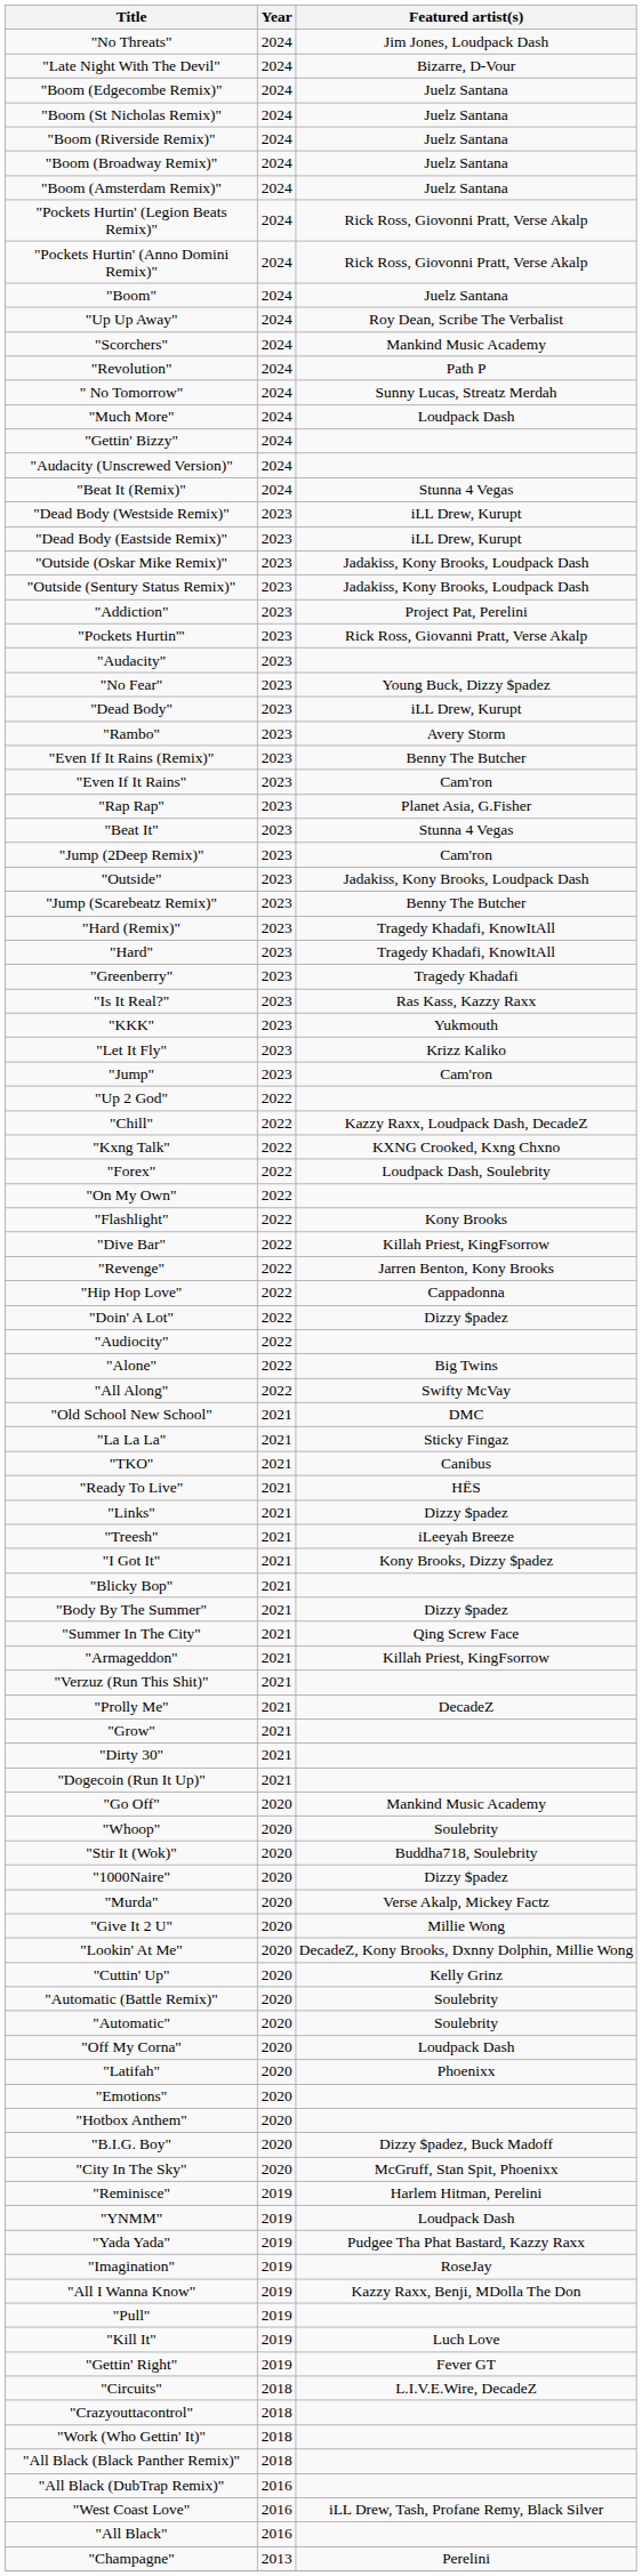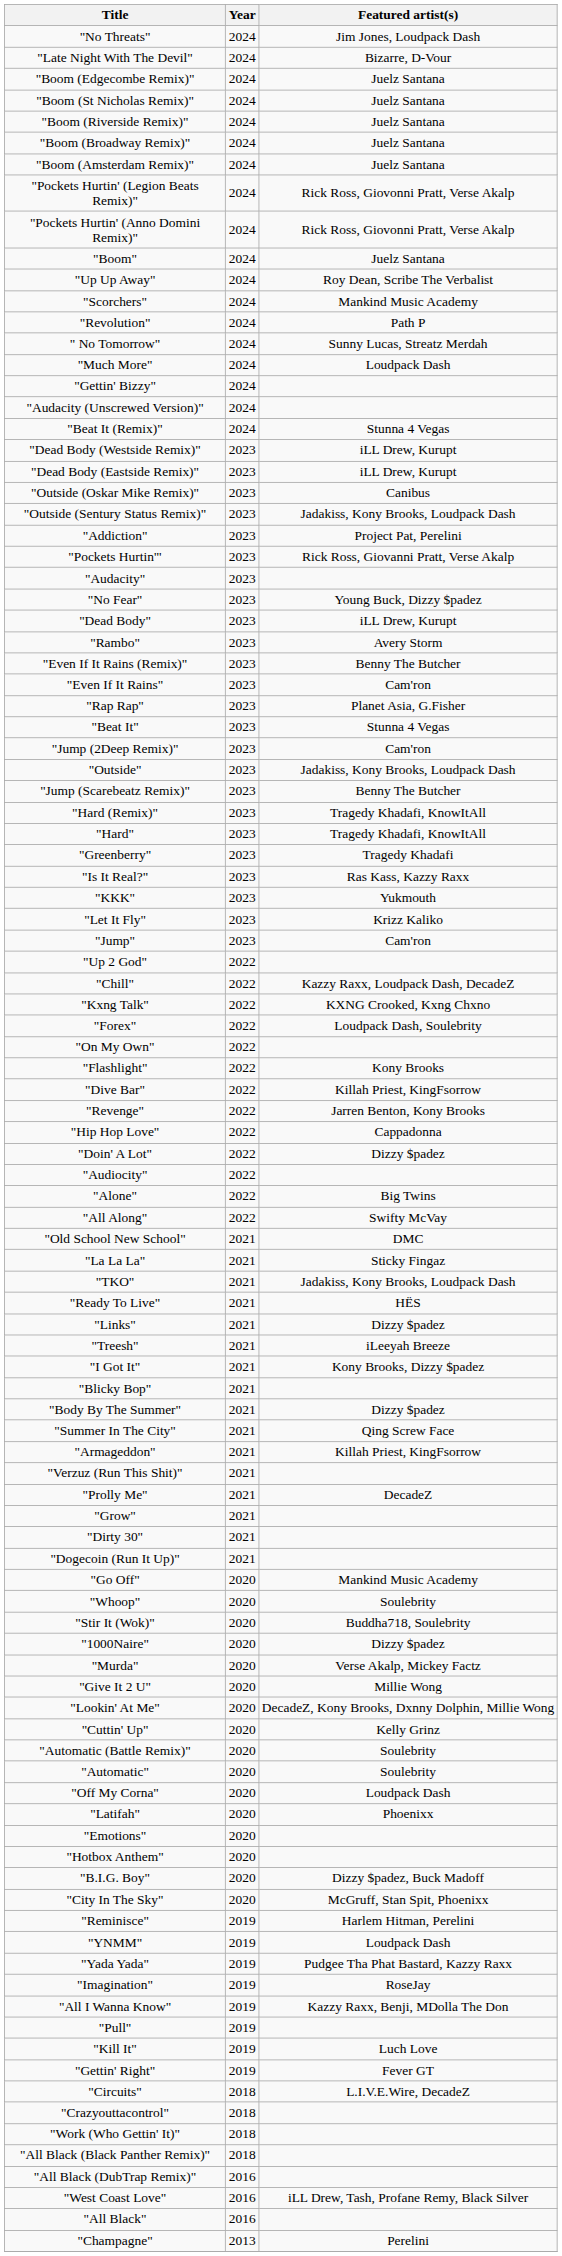 <table class="wikitable plainrowheaders" style="text-align:center;">
 <tr>
 <th scope="col" style="width:16em;">Title</th>
 <th scope="col">Year</th>
 <th scope="col">Featured artist(s)</th>
 </tr>
 <tr>
 <td>"No Threats"</td>
 <td>2024</td>
 <td>Jim Jones, Loudpack Dash</td>
 </tr>
 <tr>
 <td>"Late Night With The Devil"</td>
 <td>2024</td>
 <td>Bizarre, D-Vour</td>
 </tr>
 <tr>
 <td>"Boom (Edgecombe Remix)"</td>
 <td>2024</td>
 <td>Juelz Santana</td>
 </tr>
 <tr>
 <td>"Boom (St Nicholas Remix)"</td>
 <td>2024</td>
 <td>Juelz Santana</td>
 </tr>
 <tr>
 <td>"Boom (Riverside Remix)"</td>
 <td>2024</td>
 <td>Juelz Santana</td>
 </tr>
 <tr>
 <td>"Boom (Broadway Remix)"</td>
 <td>2024</td>
 <td>Juelz Santana</td>
 </tr>
 <tr>
 <td>"Boom (Amsterdam Remix)"</td>
 <td>2024</td>
 <td>Juelz Santana</td>
 </tr>
 <tr>
 <td>"Pockets Hurtin' (Legion Beats Remix)"</td>
 <td>2024</td>
 <td>Rick Ross, Giovonni Pratt, Verse Akalp</td>
 </tr>
 <tr>
 <td>"Pockets Hurtin' (Anno Domini Remix)"</td>
 <td>2024</td>
 <td>Rick Ross, Giovonni Pratt, Verse Akalp</td>
 </tr>
 <tr>
 <td>"Boom"</td>
 <td>2024</td>
 <td>Juelz Santana</td>
 </tr>
 <tr>
 <td>"Up Up Away"</td>
 <td>2024</td>
 <td>Roy Dean, Scribe The Verbalist</td>
 </tr>
 <tr>
 <td>"Scorchers"</td>
 <td>2024</td>
 <td>Mankind Music Academy</td>
 </tr>
 <tr>
 <td>"Revolution"</td>
 <td>2024</td>
 <td>Path P</td>
 </tr>
 <tr>
 <td>" No Tomorrow"</td>
 <td>2024</td>
 <td>Sunny Lucas, Streatz Merdah</td>
 </tr>
 <tr>
 <td>"Much More"</td>
 <td>2024</td>
 <td>Loudpack Dash</td>
 </tr>
 <tr>
 <td>"Gettin' Bizzy"</td>
 <td>2024</td>
 <td></td>
 </tr>
 <tr>
 <td>"Audacity (Unscrewed Version)"</td>
 <td>2024</td>
 <td></td>
 </tr>
 <tr>
 <td>"Beat It (Remix)"</td>
 <td>2024</td>
 <td>Stunna 4 Vegas</td>
 </tr>
 <tr>
 <td>"Dead Body (Westside Remix)"</td>
 <td>2023</td>
 <td>iLL Drew, Kurupt</td>
 </tr>
 <tr>
 <td>"Dead Body (Eastside Remix)"</td>
 <td>2023</td>
 <td>iLL Drew, Kurupt</td>
 </tr>
 <tr>
 <td>"Outside (Oskar Mike Remix)"</td>
 <td>2023</td>
-<td>Jadakiss, Kony Brooks, Loudpack Dash</td>
+<td>Canibus</td>
 </tr>
 <tr>
 <td>"Outside (Sentury Status Remix)"</td>
 <td>2023</td>
 <td>Jadakiss, Kony Brooks, Loudpack Dash</td>
 </tr>
 <tr>
 <td>"Addiction"</td>
 <td>2023</td>
 <td>Project Pat, Perelini</td>
 </tr>
 <tr>
 <td>"Pockets Hurtin'"</td>
 <td>2023</td>
 <td>Rick Ross, Giovanni Pratt, Verse Akalp</td>
 </tr>
 <tr>
 <td>"Audacity"</td>
 <td>2023</td>
 <td></td>
 </tr>
 <tr>
 <td>"No Fear"</td>
 <td>2023</td>
 <td>Young Buck, Dizzy $padez</td>
 </tr>
 <tr>
 <td>"Dead Body"</td>
 <td>2023</td>
 <td>iLL Drew, Kurupt</td>
 </tr>
 <tr>
 <td>"Rambo"</td>
 <td>2023</td>
 <td>Avery Storm</td>
 </tr>
 <tr>
 <td>"Even If It Rains (Remix)"</td>
 <td>2023</td>
 <td>Benny The Butcher</td>
 </tr>
 <tr>
 <td>"Even If It Rains"</td>
 <td>2023</td>
 <td>Cam'ron</td>
 </tr>
 <tr>
 <td>"Rap Rap"</td>
 <td>2023</td>
 <td>Planet Asia, G.Fisher</td>
 </tr>
 <tr>
 <td>"Beat It"</td>
 <td>2023</td>
 <td>Stunna 4 Vegas</td>
 </tr>
 <tr>
 <td>"Jump (2Deep Remix)"</td>
 <td>2023</td>
 <td>Cam'ron</td>
 </tr>
 <tr>
 <td>"Outside"</td>
 <td>2023</td>
 <td>Jadakiss, Kony Brooks, Loudpack Dash</td>
 </tr>
 <tr>
 <td>"Jump (Scarebeatz Remix)"</td>
 <td>2023</td>
 <td>Benny The Butcher</td>
 </tr>
 <tr>
 <td>"Hard (Remix)"</td>
 <td>2023</td>
 <td>Tragedy Khadafi, KnowItAll</td>
 </tr>
 <tr>
 <td>"Hard"</td>
 <td>2023</td>
 <td>Tragedy Khadafi, KnowItAll</td>
 </tr>
 <tr>
 <td>"Greenberry"</td>
 <td>2023</td>
 <td>Tragedy Khadafi</td>
 </tr>
 <tr>
 <td>"Is It Real?"</td>
 <td>2023</td>
 <td>Ras Kass, Kazzy Raxx</td>
 </tr>
 <tr>
 <td>"KKK"</td>
 <td>2023</td>
 <td>Yukmouth</td>
 </tr>
 <tr>
 <td>"Let It Fly"</td>
 <td>2023</td>
 <td>Krizz Kaliko</td>
 </tr>
 <tr>
 <td>"Jump"</td>
 <td>2023</td>
 <td>Cam'ron</td>
 </tr>
 <tr>
 <td>"Up 2 God"</td>
 <td>2022</td>
 <td></td>
 </tr>
 <tr>
 <td>"Chill"</td>
 <td>2022</td>
 <td>Kazzy Raxx, Loudpack Dash, DecadeZ</td>
 </tr>
 <tr>
 <td>"Kxng Talk"</td>
 <td>2022</td>
 <td>KXNG Crooked, Kxng Chxno</td>
 </tr>
 <tr>
 <td>"Forex"</td>
 <td>2022</td>
 <td>Loudpack Dash, Soulebrity</td>
 </tr>
 <tr>
 <td>"On My Own"</td>
 <td>2022</td>
 <td></td>
 </tr>
 <tr>
 <td>"Flashlight"</td>
 <td>2022</td>
 <td>Kony Brooks</td>
 </tr>
 <tr>
 <td>"Dive Bar"</td>
 <td>2022</td>
 <td>Killah Priest, KingFsorrow</td>
 </tr>
 <tr>
 <td>"Revenge"</td>
 <td>2022</td>
 <td>Jarren Benton, Kony Brooks</td>
 </tr>
 <tr>
 <td>"Hip Hop Love"</td>
 <td>2022</td>
 <td>Cappadonna</td>
 </tr>
 <tr>
 <td>"Doin' A Lot"</td>
 <td>2022</td>
 <td>Dizzy $padez</td>
 </tr>
 <tr>
 <td>"Audiocity"</td>
 <td>2022</td>
 <td></td>
 </tr>
 <tr>
 <td>"Alone"</td>
 <td>2022</td>
 <td>Big Twins</td>
 </tr>
 <tr>
 <td>"All Along"</td>
 <td>2022</td>
 <td>Swifty McVay</td>
 </tr>
 <tr>
 <td>"Old School New School"</td>
 <td>2021</td>
 <td>DMC</td>
 </tr>
 <tr>
 <td>"La La La"</td>
 <td>2021</td>
 <td>Sticky Fingaz</td>
 </tr>
 <tr>
 <td>"TKO"</td>
 <td>2021</td>
-<td>Canibus</td>
+<td>Jadakiss, Kony Brooks, Loudpack Dash</td>
 </tr>
 <tr>
 <td>"Ready To Live"</td>
 <td>2021</td>
 <td>HËS</td>
 </tr>
 <tr>
 <td>"Links"</td>
 <td>2021</td>
 <td>Dizzy $padez</td>
 </tr>
 <tr>
 <td>"Treesh"</td>
 <td>2021</td>
 <td>iLeeyah Breeze</td>
 </tr>
 <tr>
 <td>"I Got It"</td>
 <td>2021</td>
 <td>Kony Brooks, Dizzy $padez</td>
 </tr>
 <tr>
 <td>"Blicky Bop"</td>
 <td>2021</td>
 <td></td>
 </tr>
 <tr>
 <td>"Body By The Summer"</td>
 <td>2021</td>
 <td>Dizzy $padez</td>
 </tr>
 <tr>
 <td>"Summer In The City"</td>
 <td>2021</td>
 <td>Qing Screw Face</td>
 </tr>
 <tr>
 <td>"Armageddon"</td>
 <td>2021</td>
 <td>Killah Priest, KingFsorrow</td>
 </tr>
 <tr>
 <td>"Verzuz (Run This Shit)"</td>
 <td>2021</td>
 <td></td>
 </tr>
 <tr>
 <td>"Prolly Me"</td>
 <td>2021</td>
 <td>DecadeZ</td>
 </tr>
 <tr>
 <td>"Grow"</td>
 <td>2021</td>
 <td></td>
 </tr>
 <tr>
 <td>"Dirty 30"</td>
 <td>2021</td>
 <td></td>
 </tr>
 <tr>
 <td>"Dogecoin (Run It Up)"</td>
 <td>2021</td>
 <td></td>
 </tr>
 <tr>
 <td>"Go Off"</td>
 <td>2020</td>
 <td>Mankind Music Academy</td>
 </tr>
 <tr>
 <td>"Whoop"</td>
 <td>2020</td>
 <td>Soulebrity</td>
 </tr>
 <tr>
 <td>"Stir It (Wok)"</td>
 <td>2020</td>
 <td>Buddha718, Soulebrity</td>
 </tr>
 <tr>
 <td>"1000Naire"</td>
 <td>2020</td>
 <td>Dizzy $padez</td>
 </tr>
 <tr>
 <td>"Murda"</td>
 <td>2020</td>
 <td>Verse Akalp, Mickey Factz</td>
 </tr>
 <tr>
 <td>"Give It 2 U"</td>
 <td>2020</td>
 <td>Millie Wong</td>
 </tr>
 <tr>
 <td>"Lookin' At Me"</td>
 <td>2020</td>
 <td>DecadeZ, Kony Brooks, Dxnny Dolphin, Millie Wong</td>
 </tr>
 <tr>
 <td>"Cuttin' Up"</td>
 <td>2020</td>
 <td>Kelly Grinz</td>
 </tr>
 <tr>
 <td>"Automatic (Battle Remix)"</td>
 <td>2020</td>
 <td>Soulebrity</td>
 </tr>
 <tr>
 <td>"Automatic"</td>
 <td>2020</td>
 <td>Soulebrity</td>
 </tr>
 <tr>
 <td>"Off My Corna"</td>
 <td>2020</td>
 <td>Loudpack Dash</td>
 </tr>
 <tr>
 <td>"Latifah"</td>
 <td>2020</td>
 <td>Phoenixx</td>
 </tr>
 <tr>
 <td>"Emotions"</td>
 <td>2020</td>
 <td></td>
 </tr>
 <tr>
 <td>"Hotbox Anthem"</td>
 <td>2020</td>
 <td></td>
 </tr>
 <tr>
 <td>"B.I.G. Boy"</td>
 <td>2020</td>
 <td>Dizzy $padez, Buck Madoff</td>
 </tr>
 <tr>
 <td>"City In The Sky"</td>
 <td>2020</td>
 <td>McGruff, Stan Spit, Phoenixx</td>
 </tr>
 <tr>
 <td>"Reminisce"</td>
 <td>2019</td>
 <td>Harlem Hitman, Perelini</td>
 </tr>
 <tr>
 <td>"YNMM"</td>
 <td>2019</td>
 <td>Loudpack Dash</td>
 </tr>
 <tr>
 <td>"Yada Yada"</td>
 <td>2019</td>
 <td>Pudgee Tha Phat Bastard, Kazzy Raxx</td>
 </tr>
 <tr>
 <td>"Imagination"</td>
 <td>2019</td>
 <td>RoseJay</td>
 </tr>
 <tr>
 <td>"All I Wanna Know"</td>
 <td>2019</td>
 <td>Kazzy Raxx, Benji, MDolla The Don</td>
 </tr>
 <tr>
 <td>"Pull"</td>
 <td>2019</td>
 <td></td>
 </tr>
 <tr>
 <td>"Kill It"</td>
 <td>2019</td>
 <td>Luch Love</td>
 </tr>
 <tr>
 <td>"Gettin' Right"</td>
 <td>2019</td>
 <td>Fever GT</td>
 </tr>
 <tr>
 <td>"Circuits"</td>
 <td>2018</td>
 <td>L.I.V.E.Wire, DecadeZ</td>
 </tr>
 <tr>
 <td>"Crazyouttacontrol"</td>
 <td>2018</td>
 <td></td>
 </tr>
 <tr>
 <td>"Work (Who Gettin' It)"</td>
 <td>2018</td>
 <td></td>
 </tr>
 <tr>
 <td>"All Black (Black Panther Remix)"</td>
 <td>2018</td>
 <td></td>
 </tr>
 <tr>
 <td>"All Black (DubTrap Remix)"</td>
 <td rowspan="1">2016</td>
 <td></td>
 </tr>
 <tr>
 <td scope="row">"West Coast Love" </td>
 <td rowspan="1">2016</td>
 <td>iLL Drew, Tash, Profane Remy, Black Silver</td>
 </tr>
 <tr>
 <td scope="row">"All Black" </td>
 <td rowspan="1">2016</td>
 <td></td>
 </tr>
 <tr>
 <td>"Champagne"</td>
 <td>2013</td>
 <td>Perelini</td>
 </tr>
 <tr>
 </tr>
 </table>
